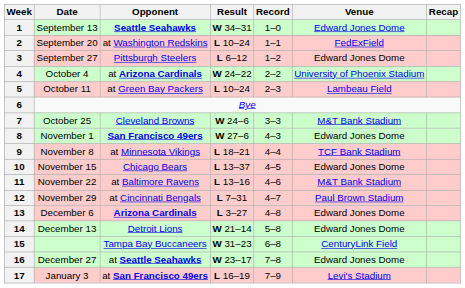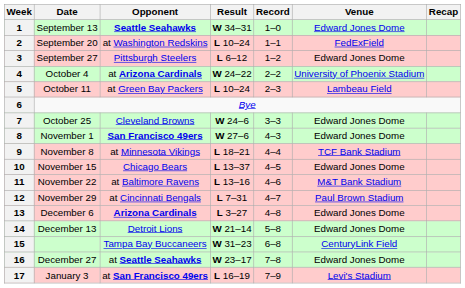 <table class="wikitable" style="text-align:center">
 <tr>
 <th>Week</th>
 <th>Date</th>
 <th>Opponent</th>
 <th>Result</th>
 <th>Record</th>
 <th>Venue</th>
 <th>Recap</th>
 </tr>
 <tr style="background:#cfc">
 <th>1</th>
 <td>September 13</td>
 <td><strong><a href='#'>Seattle Seahawks</a></strong></td>
 <td><strong>W</strong> 34–31 </td>
 <td>1–0</td>
 <td><a href='#'>Edward Jones Dome</a></td>
 <td></td>
 </tr>
 <tr style="background:#fcc">
 <th>2</th>
 <td>September 20</td>
 <td>at <a href='#'>Washington Redskins</a></td>
 <td><strong>L</strong> 10–24</td>
 <td>1–1</td>
 <td><a href='#'>FedExField</a></td>
 <td></td>
 </tr>
 <tr style="background:#fcc">
 <th>3</th>
 <td>September 27</td>
 <td><a href='#'>Pittsburgh Steelers</a></td>
 <td><strong>L</strong> 6–12</td>
 <td>1–2</td>
 <td>Edward Jones Dome</td>
 <td></td>
 </tr>
 <tr style="background:#cfc">
 <th>4</th>
 <td>October 4</td>
 <td>at <strong><a href='#'>Arizona Cardinals</a></strong></td>
 <td><strong>W</strong> 24–22</td>
 <td>2–2</td>
 <td><a href='#'>University of Phoenix Stadium</a></td>
 <td></td>
 </tr>
 <tr style="background:#fcc">
 <th>5</th>
 <td>October 11</td>
 <td>at <a href='#'>Green Bay Packers</a></td>
 <td><strong>L</strong> 10–24</td>
 <td>2–3</td>
 <td><a href='#'>Lambeau Field</a></td>
 <td></td>
 </tr>
 <tr>
 <th>6</th>
 <td colspan="6"><em><a href='#'>Bye</a></em></td>
 </tr>
 <tr style="background:#cfc">
 <th>7</th>
 <td>October 25</td>
 <td><a href='#'>Cleveland Browns</a></td>
 <td><strong>W</strong> 24–6</td>
 <td>3–3</td>
-<td><a href='#'>M&T Bank Stadium</a></td>
+<td>Edward Jones Dome</td>
 <td></td>
 </tr>
 <tr style="background:#cfc">
 <th>8</th>
 <td>November 1</td>
 <td><strong><a href='#'>San Francisco 49ers</a></strong></td>
 <td><strong>W</strong> 27–6</td>
 <td>4–3</td>
 <td>Edward Jones Dome</td>
 <td></td>
 </tr>
 <tr style="background:#fcc">
 <th>9</th>
 <td>November 8</td>
 <td>at <a href='#'>Minnesota Vikings</a></td>
 <td><strong>L</strong> 18–21 </td>
 <td>4–4</td>
 <td><a href='#'>TCF Bank Stadium</a></td>
 <td></td>
 </tr>
 <tr style="background:#fcc">
 <th>10</th>
 <td>November 15</td>
 <td><a href='#'>Chicago Bears</a></td>
 <td><strong>L</strong> 13–37</td>
 <td>4–5</td>
 <td>Edward Jones Dome</td>
 <td></td>
 </tr>
 <tr style="background:#fcc">
 <th>11</th>
 <td>November 22</td>
 <td>at <a href='#'>Baltimore Ravens</a></td>
 <td><strong>L</strong> 13–16</td>
 <td>4–6</td>
 <td><a href='#'>M&T Bank Stadium</a></td>
 <td></td>
 </tr>
 <tr style="background:#fcc">
 <th>12</th>
 <td>November 29</td>
 <td>at <a href='#'>Cincinnati Bengals</a></td>
 <td><strong>L</strong> 7–31</td>
 <td>4–7</td>
 <td><a href='#'>Paul Brown Stadium</a></td>
 <td></td>
 </tr>
 <tr style="background:#fcc">
 <th>13</th>
 <td>December 6</td>
 <td><strong><a href='#'>Arizona Cardinals</a></strong></td>
 <td><strong>L</strong> 3–27</td>
 <td>4–8</td>
 <td>Edward Jones Dome</td>
 <td></td>
 </tr>
 <tr style="background:#cfc">
 <th>14</th>
 <td>December 13</td>
 <td><a href='#'>Detroit Lions</a></td>
 <td><strong>W</strong> 21–14</td>
 <td>5–8</td>
 <td>Edward Jones Dome</td>
 <td></td>
 </tr>
 <tr style="background:#cfc">
 <th>15</th>
 <td></td>
 <td><a href='#'>Tampa Bay Buccaneers</a></td>
 <td><strong>W</strong> 31–23</td>
 <td>6–8</td>
 <td><a href='#'>CenturyLink Field</a></td>
 <td></td>
 </tr>
 <tr style="background:#cfc">
 <th>16</th>
 <td>December 27</td>
 <td>at <strong><a href='#'>Seattle Seahawks</a></strong></td>
 <td><strong>W</strong> 23–17</td>
 <td>7–8</td>
 <td>Edward Jones Dome</td>
 <td></td>
 </tr>
 <tr style="background:#fcc">
 <th>17</th>
 <td>January 3</td>
 <td>at <strong><a href='#'>San Francisco 49ers</a></strong></td>
 <td><strong>L</strong> 16–19 </td>
 <td>7–9</td>
 <td><a href='#'>Levi's Stadium</a></td>
 <td></td>
 </tr>
 </table>
